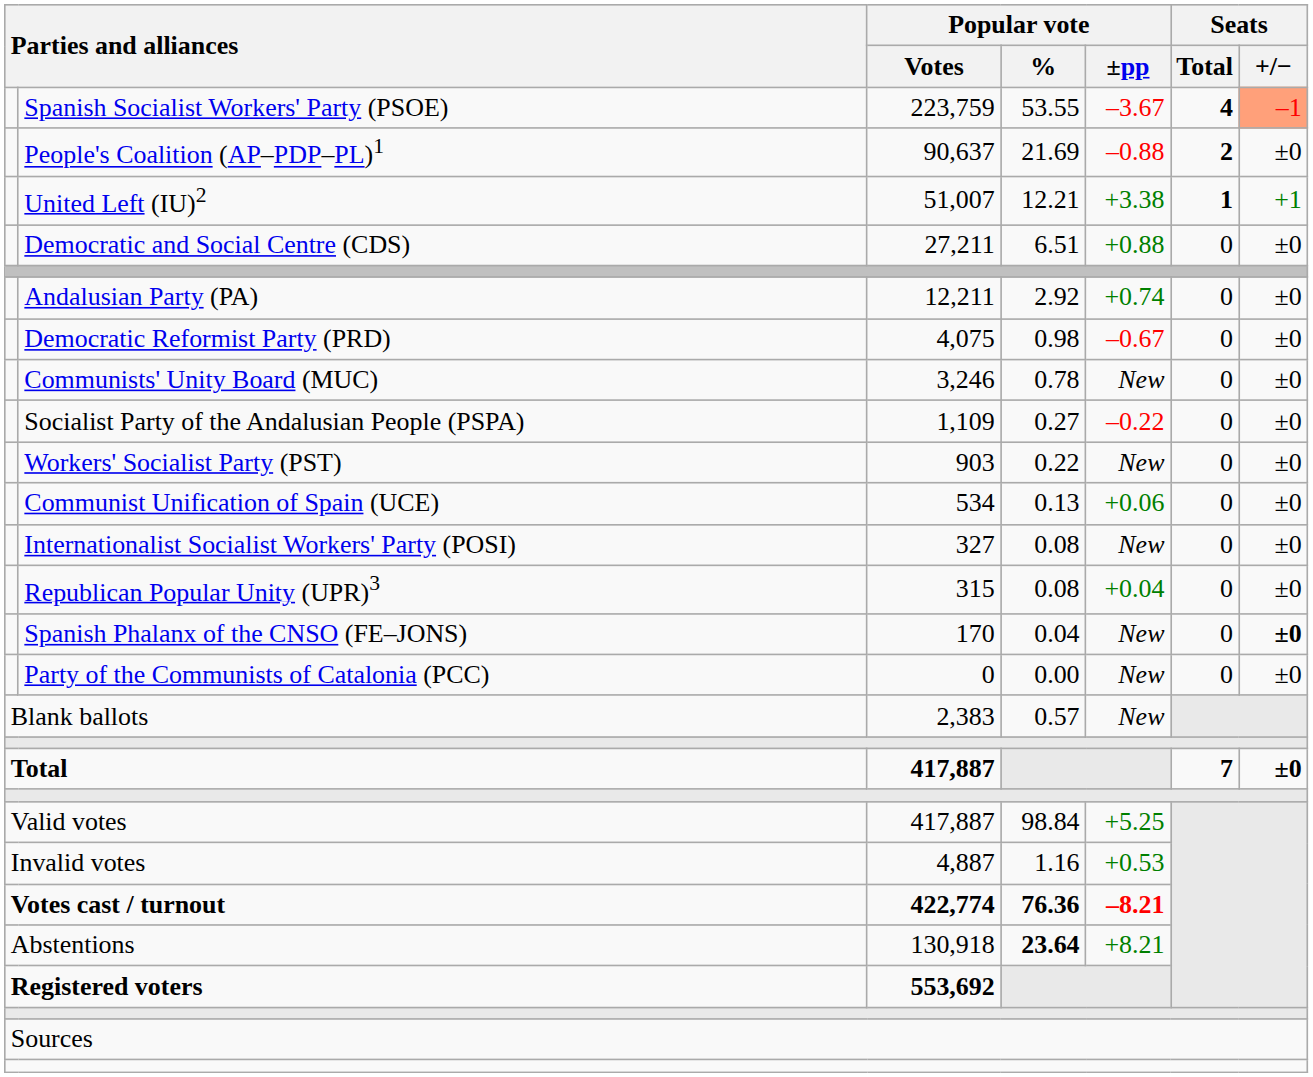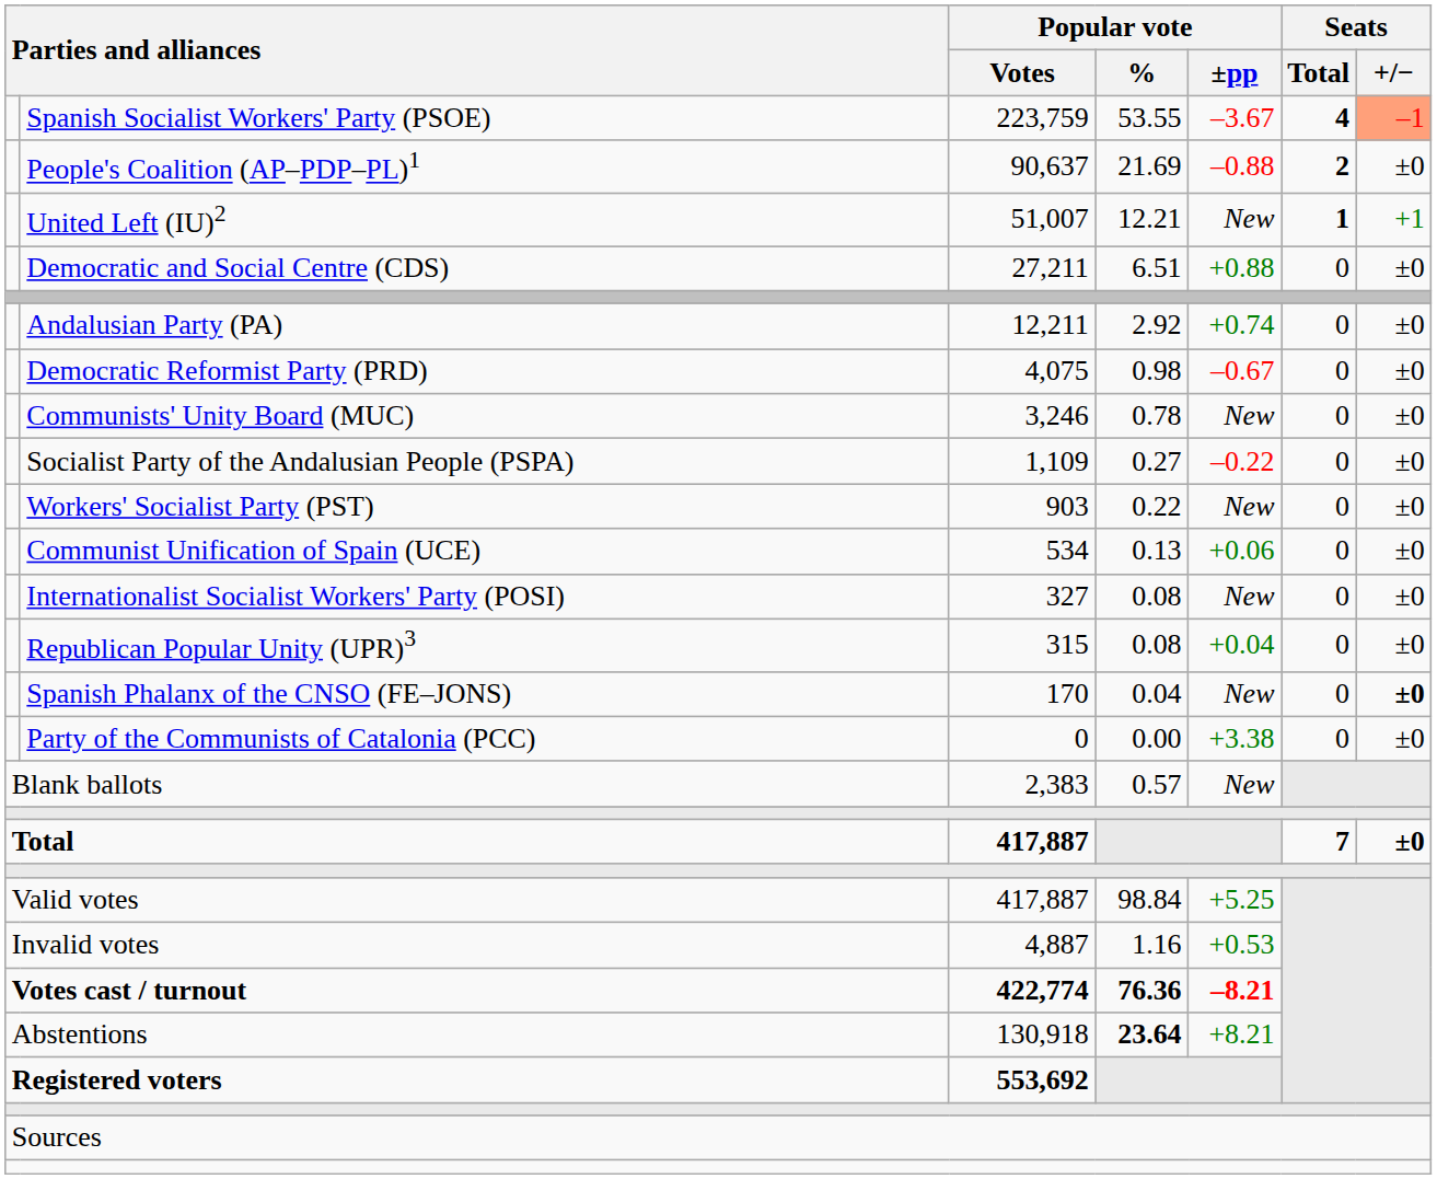 <table class="wikitable" style="text-align:right;">
 <tr>
 <th style="text-align:left;" rowspan="2" colspan="2" width="525">Parties and alliances</th>
 <th colspan="3">Popular vote</th>
 <th colspan="2">Seats</th>
 </tr>
 <tr>
 <th width="75">Votes</th>
 <th width="45">%</th>
 <th width="45">±<a href='#'>pp</a></th>
 <th width="35">Total</th>
 <th width="35">+/−</th>
 </tr>
 <tr>
 <td width="1" style="color:inherit;background:"></td>
 <td align="left"><a href='#'>Spanish Socialist Workers' Party</a> (PSOE)</td>
 <td>223,759</td>
 <td>53.55</td>
 <td style="color:red;">–3.67</td>
 <td><strong>4</strong></td>
 <td style="background: lightsalmon; color:red;">–1</td>
 </tr>
 <tr>
 <td style="color:inherit;background:"></td>
 <td align="left"><a href='#'>People's Coalition</a> (<a href='#'>AP</a>–<a href='#'>PDP</a>–<a href='#'>PL</a>)<sup>1</sup></td>
 <td>90,637</td>
 <td>21.69</td>
 <td style="color:red;">–0.88</td>
 <td><strong>2</strong></td>
 <td>±0</td>
 </tr>
 <tr>
 <td style="color:inherit;background:"></td>
 <td align="left"><a href='#'>United Left</a> (IU)<sup>2</sup></td>
 <td>51,007</td>
 <td>12.21</td>
-<td style="color:green;">+3.38</td>
+<td><em>New</em></td>
 <td><strong>1</strong></td>
 <td style="color:green;">+1</td>
 </tr>
 <tr>
 <td style="color:inherit;background:"></td>
 <td align="left"><a href='#'>Democratic and Social Centre</a> (CDS)</td>
 <td>27,211</td>
 <td>6.51</td>
 <td style="color:green;">+0.88</td>
 <td>0</td>
 <td>±0</td>
 </tr>
 <tr>
 <td colspan="7" bgcolor="#C0C0C0"></td>
 </tr>
 <tr>
 <td style="color:inherit;background:"></td>
 <td align="left"><a href='#'>Andalusian Party</a> (PA)</td>
 <td>12,211</td>
 <td>2.92</td>
 <td style="color:green;">+0.74</td>
 <td>0</td>
 <td>±0</td>
 </tr>
 <tr>
 <td style="color:inherit;background:"></td>
 <td align="left"><a href='#'>Democratic Reformist Party</a> (PRD)</td>
 <td>4,075</td>
 <td>0.98</td>
 <td style="color:red;">–0.67</td>
 <td>0</td>
 <td>±0</td>
 </tr>
 <tr>
 <td style="color:inherit;background:"></td>
 <td align="left"><a href='#'>Communists' Unity Board</a> (MUC)</td>
 <td>3,246</td>
 <td>0.78</td>
 <td><em>New</em></td>
 <td>0</td>
 <td>±0</td>
 </tr>
 <tr>
 <td style="color:inherit;background:"></td>
 <td align="left">Socialist Party of the Andalusian People (PSPA)</td>
 <td>1,109</td>
 <td>0.27</td>
 <td style="color:red;">–0.22</td>
 <td>0</td>
 <td>±0</td>
 </tr>
 <tr>
 <td style="color:inherit;background:"></td>
 <td align="left"><a href='#'>Workers' Socialist Party</a> (PST)</td>
 <td>903</td>
 <td>0.22</td>
 <td><em>New</em></td>
 <td>0</td>
 <td>±0</td>
 </tr>
 <tr>
 <td style="color:inherit;background:"></td>
 <td align="left"><a href='#'>Communist Unification of Spain</a> (UCE)</td>
 <td>534</td>
 <td>0.13</td>
 <td style="color:green;">+0.06</td>
 <td>0</td>
 <td>±0</td>
 </tr>
 <tr>
 <td style="color:inherit;background:"></td>
 <td align="left"><a href='#'>Internationalist Socialist Workers' Party</a> (POSI)</td>
 <td>327</td>
 <td>0.08</td>
 <td><em>New</em></td>
 <td>0</td>
 <td>±0</td>
 </tr>
 <tr>
 <td style="color:inherit;background:"></td>
 <td align="left"><a href='#'>Republican Popular Unity</a> (UPR)<sup>3</sup></td>
 <td>315</td>
 <td>0.08</td>
 <td style="color:green;">+0.04</td>
 <td>0</td>
 <td>±0</td>
 </tr>
 <tr>
 <td style="color:inherit;background:"></td>
 <td align="left"><a href='#'>Spanish Phalanx of the CNSO</a> (FE–JONS)</td>
 <td>170</td>
 <td>0.04</td>
 <td><em>New</em></td>
 <td>0</td>
 <td><strong>±0</strong></td>
 </tr>
 <tr>
 <td style="color:inherit;background:"></td>
 <td align="left"><a href='#'>Party of the Communists of Catalonia</a> (PCC)</td>
 <td>0</td>
 <td>0.00</td>
-<td><em>New</em></td>
+<td style="color:green;">+3.38</td>
 <td>0</td>
 <td>±0</td>
 </tr>
 <tr>
 <td align="left" colspan="2">Blank ballots</td>
 <td>2,383</td>
 <td>0.57</td>
 <td><em>New</em></td>
 <td bgcolor="#E9E9E9" colspan="2"></td>
 </tr>
 <tr>
 <td colspan="7" bgcolor="#E9E9E9"></td>
 </tr>
 <tr style="font-weight:bold;">
 <td align="left" colspan="2">Total</td>
 <td>417,887</td>
 <td bgcolor="#E9E9E9" colspan="2"></td>
 <td>7</td>
 <td>±0</td>
 </tr>
 <tr>
 <td colspan="7" bgcolor="#E9E9E9"></td>
 </tr>
 <tr>
 <td align="left" colspan="2">Valid votes</td>
 <td>417,887</td>
 <td>98.84</td>
 <td style="color:green;">+5.25</td>
 <td bgcolor="#E9E9E9" colspan="2" rowspan="5"></td>
 </tr>
 <tr>
 <td align="left" colspan="2">Invalid votes</td>
 <td>4,887</td>
 <td>1.16</td>
 <td style="color:green;">+0.53</td>
 </tr>
 <tr style="font-weight:bold;">
 <td align="left" colspan="2">Votes cast / turnout</td>
 <td>422,774</td>
 <td>76.36</td>
 <td style="color:red;">–8.21</td>
 </tr>
 <tr>
 <td align="left" colspan="2">Abstentions</td>
 <td>130,918</td>
 <td><strong>23.64</strong></td>
 <td style="color:green;">+8.21</td>
 </tr>
 <tr style="font-weight:bold;">
 <td align="left" colspan="2">Registered voters</td>
 <td>553,692</td>
 <td bgcolor="#E9E9E9" colspan="2"></td>
 </tr>
 <tr>
 <td colspan="7" bgcolor="#E9E9E9"></td>
 </tr>
 <tr>
 <td align="left" colspan="7">Sources</td>
 </tr>
 <tr>
 <td colspan="7" style="text-align:left; max-width:790px;"></td>
 </tr>
 </table>
